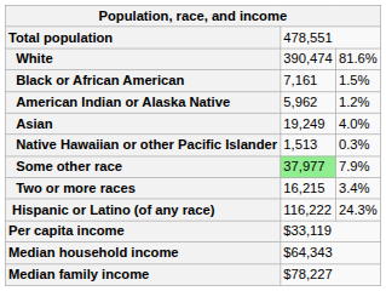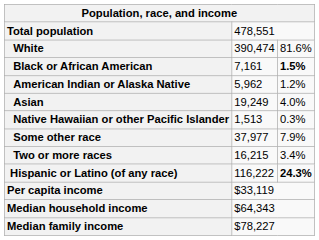 <table class="wikitable collapsible collapsed">
 <tr>
 <th colspan=6>Population, race, and income</th>
 </tr>
 <tr>
 <th scope="row" style="text-align: left;">Total population</th>
 <td colspan=2>478,551</td>
 </tr>
 <tr>
 <th scope="row" style="text-align: left;">  White</th>
 <td>390,474</td>
 <td>81.6%</td>
 </tr>
 <tr>
 <th scope="row" style="text-align: left;">  Black or African American</th>
 <td>7,161</td>
-<td>1.5%</td>
+<td><strong>1.5%</strong></td>
 </tr>
 <tr>
 <th scope="row" style="text-align: left;">  American Indian or Alaska Native</th>
 <td>5,962</td>
 <td>1.2%</td>
 </tr>
 <tr>
 <th scope="row" style="text-align: left;">  Asian</th>
 <td>19,249</td>
 <td>4.0%</td>
 </tr>
 <tr>
 <th scope="row" style="text-align: left;">  Native Hawaiian or other Pacific Islander</th>
 <td>1,513</td>
 <td>0.3%</td>
 </tr>
 <tr>
 <th scope="row" style="text-align: left;">  Some other race</th>
-<td style="background: lightgreen;">37,977</td>
+<td>37,977</td>
 <td>7.9%</td>
 </tr>
 <tr>
 <th scope="row" style="text-align: left;">  Two or more races</th>
 <td>16,215</td>
 <td>3.4%</td>
 </tr>
 <tr>
 <th scope="row" style="text-align: left;"> Hispanic or Latino (of any race)</th>
 <td>116,222</td>
-<td>24.3%</td>
+<td><strong>24.3%</strong></td>
 </tr>
 <tr>
 <th scope="row" style="text-align: left;">Per capita income</th>
 <td colspan=2>$33,119</td>
 </tr>
 <tr>
 <th scope="row" style="text-align: left;">Median household income</th>
 <td colspan=2>$64,343</td>
 </tr>
 <tr>
 <th scope="row" style="text-align: left;">Median family income</th>
 <td colspan=2>$78,227</td>
 </tr>
 </table>
